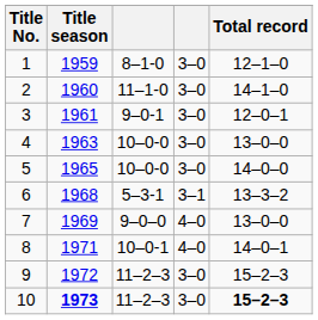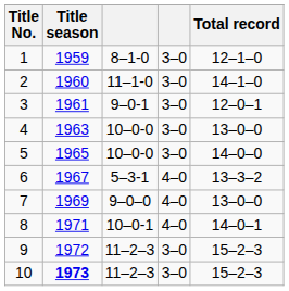 <table class="wikitable" style="text-align: center;">
 <tr>
 </tr>
 <tr>
 <th width=px>Title<br>No.</th>
 <th width=px>Title<br> season</th>
 <th width=px></th>
 <th width=px></th>
 <th width=px>Total record</th>
 </tr>
 <tr>
 <td>1</td>
 <td><a href='#'>1959</a></td>
 <td>8–1-0</td>
 <td>3–0</td>
 <td>12–1–0</td>
 </tr>
 <tr>
 <td>2</td>
 <td><a href='#'>1960</a></td>
 <td>11–1-0</td>
 <td>3–0</td>
 <td>14–1–0</td>
 </tr>
 <tr>
 <td>3</td>
 <td><a href='#'>1961</a></td>
 <td>9–0-1</td>
 <td>3–0</td>
 <td>12–0–1</td>
 </tr>
 <tr>
 <td>4</td>
 <td><a href='#'>1963</a></td>
 <td>10–0-0</td>
 <td>3–0</td>
 <td>13–0–0</td>
 </tr>
 <tr>
 <td>5</td>
 <td><a href='#'>1965</a></td>
 <td>10–0-0</td>
 <td>3–0</td>
 <td>14–0–0</td>
 </tr>
 <tr>
 <td>6</td>
-<td><a href='#'>1968</a></td>
+<td><a href='#'>1967</a></td>
 <td>5–3-1</td>
-<td>3–1</td>
+<td>4–0</td>
 <td>13–3–2</td>
 </tr>
 <tr>
 <td>7</td>
 <td><a href='#'>1969</a></td>
 <td>9–0–0</td>
 <td>4–0</td>
 <td>13–0–0</td>
 </tr>
 <tr>
 <td>8</td>
 <td><a href='#'>1971</a></td>
 <td>10–0-1</td>
 <td>4–0</td>
 <td>14–0–1</td>
 </tr>
 <tr>
 <td>9</td>
 <td><a href='#'>1972</a></td>
 <td>11–2–3</td>
 <td>3–0</td>
 <td>15–2–3</td>
 </tr>
 <tr>
 <td>10</td>
 <td><strong><a href='#'>1973</a></strong></td>
 <td>11–2–3</td>
 <td>3–0</td>
-<td><strong>15–2–3</strong></td>
+<td>15–2–3</td>
 </tr>
 </table>
